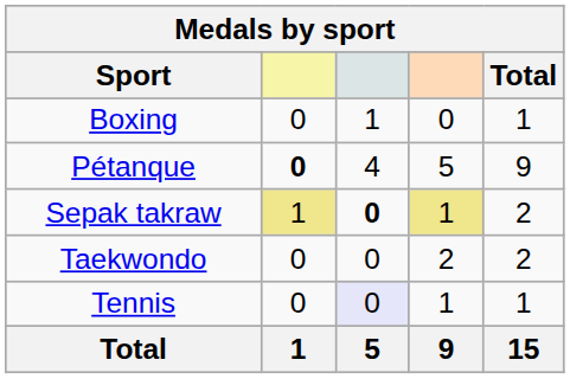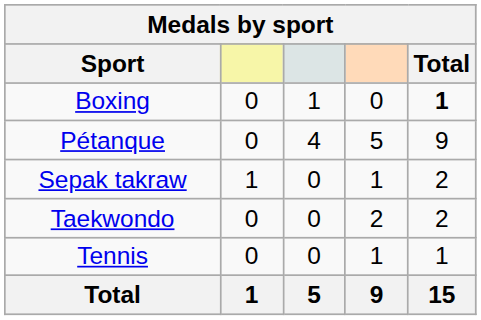 <table class="wikitable" style="font-size:90%; text-align:center;">
 <tr>
 <th colspan=5>Medals by sport</th>
 </tr>
 <tr>
 <th width=120>Sport</th>
 <th scope="col" width=30 style="background:#F7F6A8;"></th>
 <th scope="col" width=30 style="background:#DCE5E5;"></th>
 <th scope="col" width=30 style="background:#FFDAB9;"></th>
 <th width=30>Total</th>
 </tr>
 <tr>
 <td><a href='#'>Boxing</a></td>
 <td>0</td>
 <td>1</td>
 <td>0</td>
-<td>1</td>
+<td><strong>1</strong></td>
 </tr>
 <tr>
 <td><a href='#'>Pétanque</a></td>
-<td><strong>0</strong></td>
+<td>0</td>
 <td>4</td>
 <td>5</td>
 <td>9</td>
 </tr>
 <tr>
 <td><a href='#'>Sepak takraw</a></td>
-<td style="background: khaki;">1</td>
-<td><strong>0</strong></td>
-<td style="background: khaki;">1</td>
+<td>1</td>
+<td>0</td>
+<td>1</td>
 <td>2</td>
 </tr>
 <tr>
 <td><a href='#'>Taekwondo</a></td>
 <td>0</td>
 <td>0</td>
 <td>2</td>
 <td>2</td>
 </tr>
 <tr>
 <td><a href='#'>Tennis</a></td>
 <td>0</td>
-<td style="background: lavender;">0</td>
+<td>0</td>
 <td>1</td>
 <td>1</td>
 </tr>
 <tr class="sortbottom">
 <th>Total</th>
 <th>1</th>
 <th>5</th>
 <th>9</th>
 <th>15</th>
 </tr>
 </table>
